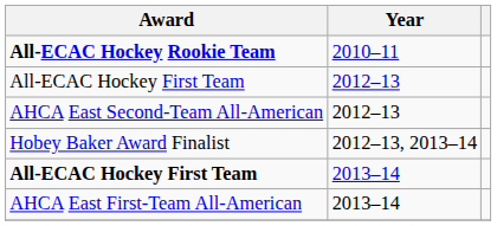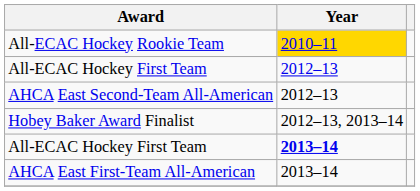 <table class="wikitable">
 <tr>
 <th>Award</th>
 <th>Year</th>
 <th></th>
 </tr>
 <tr>
-<td><strong>All-<a href='#'>ECAC Hockey</a> <a href='#'>Rookie Team</a></strong></td>
-<td><a href='#'>2010–11</a></td>
+<td>All-<a href='#'>ECAC Hockey</a> <a href='#'>Rookie Team</a></td>
+<td style="background: gold;"><a href='#'>2010–11</a></td>
 <td></td>
 </tr>
 <tr>
 <td>All-ECAC Hockey <a href='#'>First Team</a></td>
 <td><a href='#'>2012–13</a></td>
 <td></td>
 </tr>
 <tr>
 <td><a href='#'>AHCA</a> <a href='#'>East Second-Team All-American</a></td>
 <td>2012–13</td>
 <td></td>
 </tr>
 <tr>
 <td><a href='#'>Hobey Baker Award</a> Finalist</td>
 <td>2012–13,  2013–14</td>
 <td></td>
 </tr>
 <tr>
-<td><strong>All-ECAC Hockey First Team</strong></td>
-<td><a href='#'>2013–14</a></td>
+<td>All-ECAC Hockey First Team</td>
+<td><strong><a href='#'>2013–14</a></strong></td>
 <td></td>
 </tr>
 <tr>
 <td><a href='#'>AHCA</a> <a href='#'>East First-Team All-American</a></td>
 <td>2013–14</td>
 <td></td>
 </tr>
 <tr>
 </tr>
 </table>
